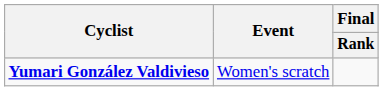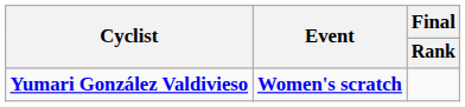 <table class="wikitable" style="font-size:90%">
 <tr>
 <th rowspan="2">Cyclist</th>
 <th rowspan="2">Event</th>
 <th>Final</th>
 </tr>
 <tr style="font-size:95%">
 <th>Rank</th>
 </tr>
 <tr align=center>
 <td align=left><strong><a href='#'>Yumari González Valdivieso</a></strong></td>
-<td align=left><a href='#'>Women's scratch</a></td>
+<td align=left><strong><a href='#'>Women's scratch</a></strong></td>
 <td></td>
 </tr>
 </table>
